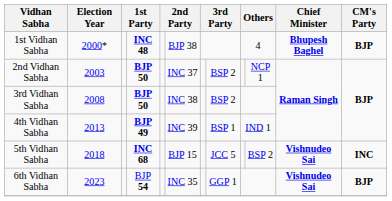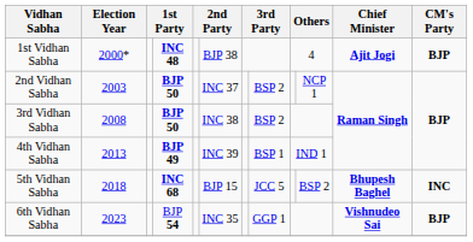 <table class="wikitable" style="text-align:center">
 <tr>
 <th>Vidhan Sabha</th>
 <th>Election Year</th>
 <th colspan="2">1st Party</th>
 <th colspan="2">2nd Party</th>
 <th colspan="2">3rd Party</th>
 <th colspan="2">Others</th>
 <th>Chief Minister</th>
 <th>CM's Party</th>
 </tr>
 <tr>
 <td>1st Vidhan Sabha</td>
 <td><a href='#'>2000</a>*</td>
 <td style="background-color: "></td>
 <td><strong><a href='#'>INC</a> 48</strong></td>
 <td style="background-color: "></td>
 <td><a href='#'>BJP</a> 38</td>
 <td colspan="2"></td>
 <td colspan="2">4</td>
-<td><strong><a href='#'>Bhupesh Baghel</a></strong></td>
+<td><strong><a href='#'>Ajit Jogi</a></strong></td>
 <td style="background-color: "><strong>BJP</strong></td>
 </tr>
 <tr>
 <td>2nd Vidhan Sabha</td>
 <td><a href='#'>2003</a></td>
 <td style="background-color: "></td>
 <td><strong><a href='#'>BJP</a> 50</strong></td>
 <td style="background-color: "></td>
 <td><a href='#'>INC</a> 37</td>
 <td style="background-color: "></td>
 <td><a href='#'>BSP</a> 2</td>
 <td style="background-color: "></td>
 <td><a href='#'>NCP</a> 1</td>
 <td rowspan=3><strong><a href='#'>Raman Singh</a></strong></td>
 <td rowspan=3: style="background-color: "><strong>BJP</strong></td>
 </tr>
 <tr>
 <td>3rd Vidhan Sabha</td>
 <td><a href='#'>2008</a></td>
 <td style="background-color: "></td>
 <td><strong><a href='#'>BJP</a> 50</strong></td>
 <td style="background-color: "></td>
 <td><a href='#'>INC</a> 38</td>
 <td style="background-color: "></td>
 <td><a href='#'>BSP</a> 2</td>
 <td colspan="2"></td>
 </tr>
 <tr>
 <td>4th Vidhan Sabha</td>
 <td><a href='#'>2013</a></td>
 <td style="background-color: "></td>
 <td><strong><a href='#'>BJP</a> 49</strong></td>
 <td style="background-color: "></td>
 <td><a href='#'>INC</a> 39</td>
 <td style="background-color: "></td>
 <td><a href='#'>BSP</a> 1</td>
 <td colspan="2"><a href='#'>IND</a> 1</td>
 </tr>
 <tr>
 <td>5th Vidhan Sabha</td>
 <td><a href='#'>2018</a></td>
 <td style="background-color: "></td>
 <td><strong><a href='#'>INC</a> 68</strong></td>
 <td style="background-color: "></td>
 <td><a href='#'>BJP</a> 15</td>
 <td style="background-color: "></td>
 <td><a href='#'>JCC</a> 5</td>
 <td style="background-color: "></td>
 <td><a href='#'>BSP</a> 2</td>
-<td><strong><a href='#'>Vishnudeo Sai</a></strong></td>
+<td><strong><a href='#'>Bhupesh Baghel</a></strong></td>
 <td style="background-color: "><strong>INC</strong></td>
 </tr>
 <tr>
 <td>6th Vidhan Sabha</td>
 <td><a href='#'>2023</a></td>
 <td style="background-color: "></td>
 <td><strong><a href='#'></strong>BJP<strong></a> 54</strong></td>
 <td style="background-color: "></td>
 <td><a href='#'>INC</a> 35</td>
 <td style="background-color: "></td>
 <td><a href='#'>GGP</a> 1</td>
 <td colspan="2"></td>
 <td><strong><a href='#'>Vishnudeo Sai</a></strong></td>
 <td style="background-color: "><strong>BJP</strong></td>
 </tr>
 <tr>
 </tr>
 </table>
